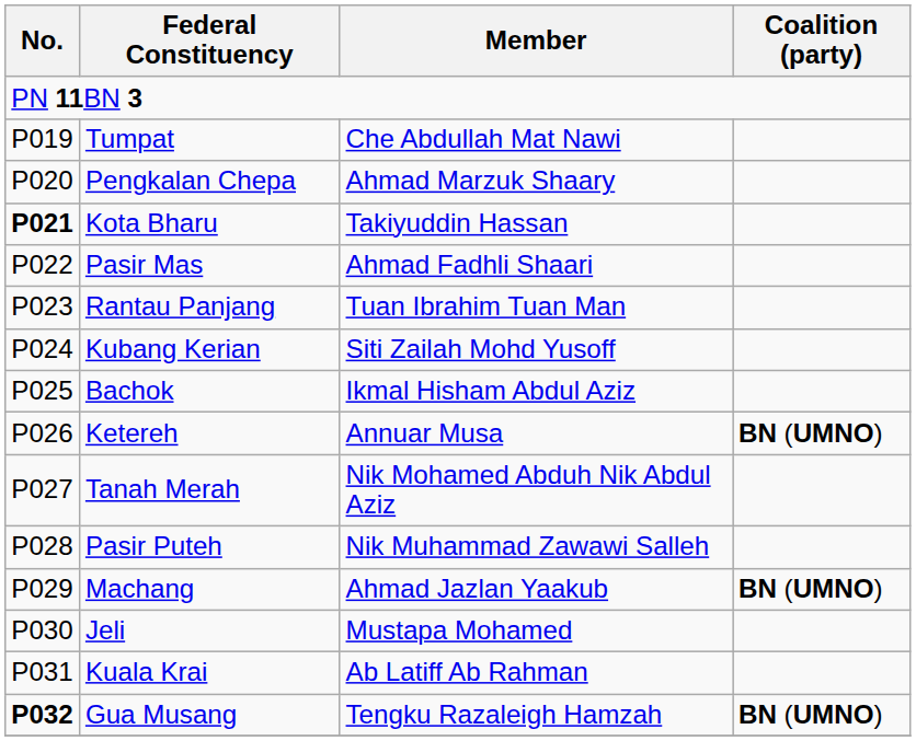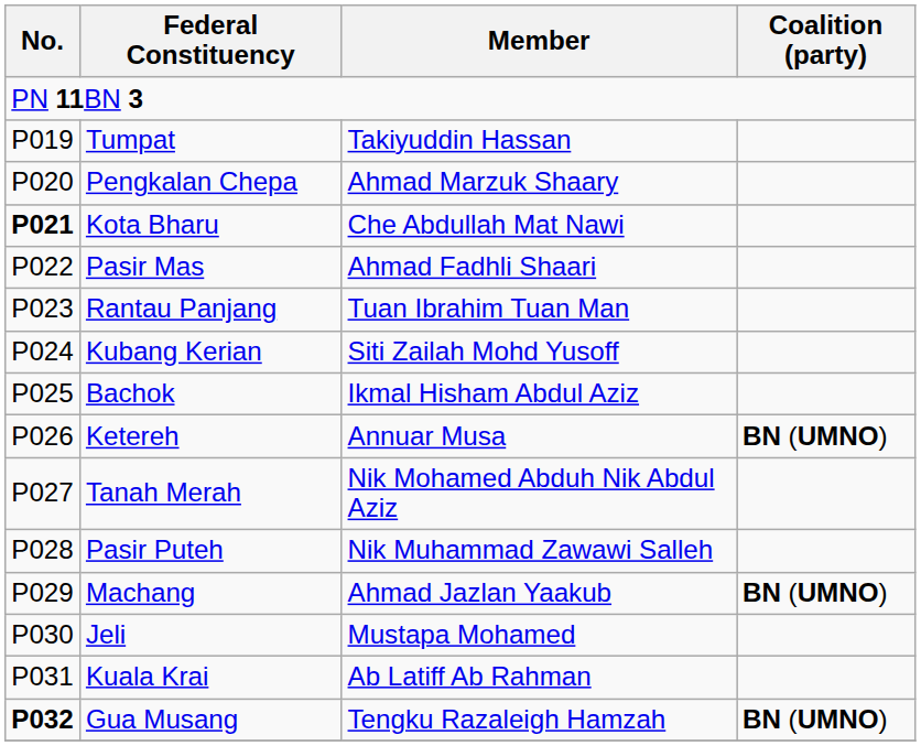 <table class="wikitable sortable">
 <tr>
 <th style="width:30px;">No.</th>
 <th style="width:150px;">Federal Constituency</th>
 <th style="width:230px;">Member</th>
 <th style="width:100px;">Coalition (party)</th>
 </tr>
 <tr>
 <td colspan="4"><a href='#'>PN</a> <strong>11</strong><a href='#'>BN</a> <strong>3</strong></td>
 </tr>
 <tr>
 <td>P019</td>
 <td><a href='#'>Tumpat</a></td>
-<td><a href='#'>Che Abdullah Mat Nawi</a></td>
+<td><a href='#'>Takiyuddin Hassan</a></td>
 <td></td>
 </tr>
 <tr>
 <td>P020</td>
 <td><a href='#'>Pengkalan Chepa</a></td>
 <td><a href='#'>Ahmad Marzuk Shaary</a></td>
 <td></td>
 </tr>
 <tr>
 <td><strong>P021</strong></td>
 <td><a href='#'>Kota Bharu</a></td>
-<td><a href='#'>Takiyuddin Hassan</a></td>
+<td><a href='#'>Che Abdullah Mat Nawi</a></td>
 <td></td>
 </tr>
 <tr>
 <td>P022</td>
 <td><a href='#'>Pasir Mas</a></td>
 <td><a href='#'>Ahmad Fadhli Shaari</a></td>
 <td></td>
 </tr>
 <tr>
 <td>P023</td>
 <td><a href='#'>Rantau Panjang</a></td>
 <td><a href='#'>Tuan Ibrahim Tuan Man</a></td>
 <td></td>
 </tr>
 <tr>
 <td>P024</td>
 <td><a href='#'>Kubang Kerian</a></td>
 <td><a href='#'>Siti Zailah Mohd Yusoff</a></td>
 <td></td>
 </tr>
 <tr>
 <td>P025</td>
 <td><a href='#'>Bachok</a></td>
 <td><a href='#'>Ikmal Hisham Abdul Aziz</a></td>
 <td></td>
 </tr>
 <tr>
 <td>P026</td>
 <td><a href='#'>Ketereh</a></td>
 <td><a href='#'>Annuar Musa</a></td>
 <td><strong>BN</strong> (<strong>UMNO</strong>)</td>
 </tr>
 <tr>
 <td>P027</td>
 <td><a href='#'>Tanah Merah</a></td>
 <td><a href='#'>Nik Mohamed Abduh Nik Abdul Aziz</a></td>
 <td></td>
 </tr>
 <tr>
 <td>P028</td>
 <td><a href='#'>Pasir Puteh</a></td>
 <td><a href='#'>Nik Muhammad Zawawi Salleh</a></td>
 <td></td>
 </tr>
 <tr>
 <td>P029</td>
 <td><a href='#'>Machang</a></td>
 <td><a href='#'>Ahmad Jazlan Yaakub</a></td>
 <td><strong>BN</strong> (<strong>UMNO</strong>)</td>
 </tr>
 <tr>
 <td>P030</td>
 <td><a href='#'>Jeli</a></td>
 <td><a href='#'>Mustapa Mohamed</a></td>
 <td></td>
 </tr>
 <tr>
 <td>P031</td>
 <td><a href='#'>Kuala Krai</a></td>
 <td><a href='#'>Ab Latiff Ab Rahman</a></td>
 <td></td>
 </tr>
 <tr>
 <td><strong>P032</strong></td>
 <td><a href='#'>Gua Musang</a></td>
 <td><a href='#'>Tengku Razaleigh Hamzah</a></td>
 <td><strong>BN</strong> (<strong>UMNO</strong>)</td>
 </tr>
 <tr>
 </tr>
 </table>
